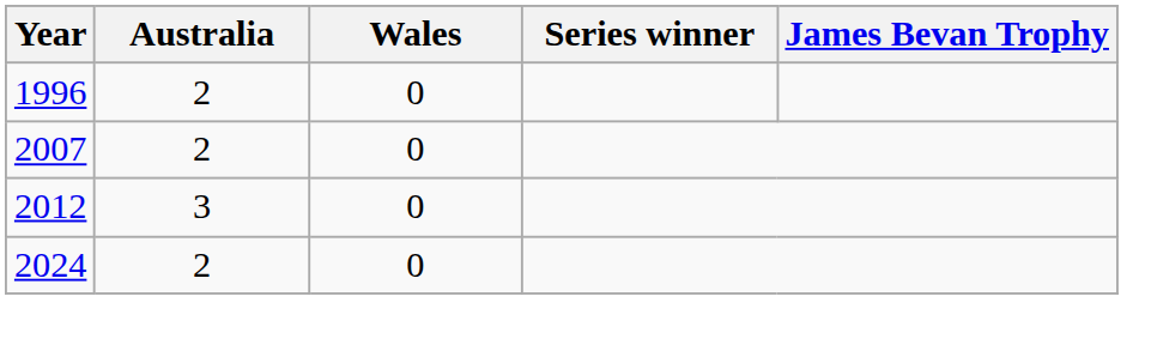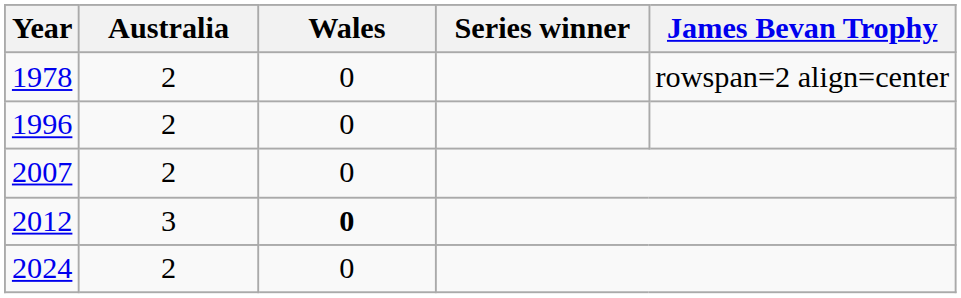 <table class="wikitable">
 <tr>
 <th>Year</th>
 <th width="87">Australia</th>
 <th width="87">Wales</th>
 <th width="105">Series winner</th>
 <th><a href='#'>James Bevan Trophy</a></th>
+</tr>
+<tr>
+<td> <a href='#'>1978</a></td>
+<td align=center>2</td>
+<td align=center>0</td>
+<td></td>
+<td>rowspan=2 align=center </td>
 </tr>
 <tr>
 <td> <a href='#'>1996</a></td>
 <td align=center>2</td>
 <td align=center>0</td>
 <td></td>
 </tr>
 <tr>
 <td> <a href='#'>2007</a></td>
 <td align=center>2</td>
 <td align=center>0</td>
 <td align=center colspan=2></td>
 </tr>
 <tr>
 <td> <a href='#'>2012</a></td>
 <td align=center>3</td>
-<td align=center>0</td>
+<td align=center><strong>0</strong></td>
 <td align=center colspan=2></td>
 </tr>
 <tr>
 <td> <a href='#'>2024</a></td>
 <td align=center>2</td>
 <td align=center>0</td>
 <td align=center colspan=2></td>
 </tr>
 </table>
